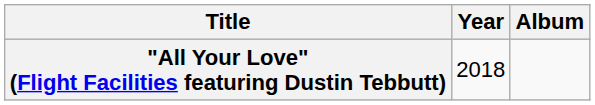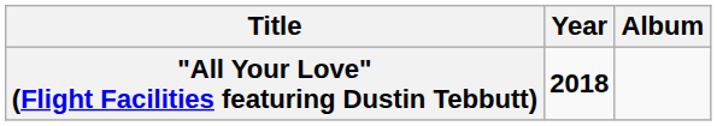 <table class="wikitable plainrowheaders" style="text-align:center;">
 <tr>
 <th>Title</th>
 <th>Year</th>
 <th>Album</th>
 </tr>
 <tr>
 <th scope="row">"All Your Love"<br><span>(<a href='#'>Flight Facilities</a> featuring Dustin Tebbutt)</span></th>
-<td>2018</td>
+<td><strong>2018</strong></td>
 <td></td>
 </tr>
 </table>
